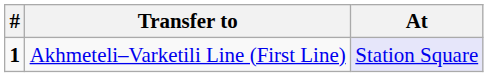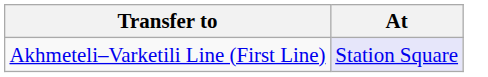 <table class="wikitable">
 <tr>
-<th>#</th>
 <th>Transfer to</th>
 <th>At</th>
 </tr>
 <tr>
-<td style="background:#"><strong>1</strong></td>
 <td><a href='#'>Akhmeteli–Varketili Line (First Line)</a></td>
 <td style="background: lavender;"><a href='#'>Station Square</a></td>
 </tr>
 </table>
